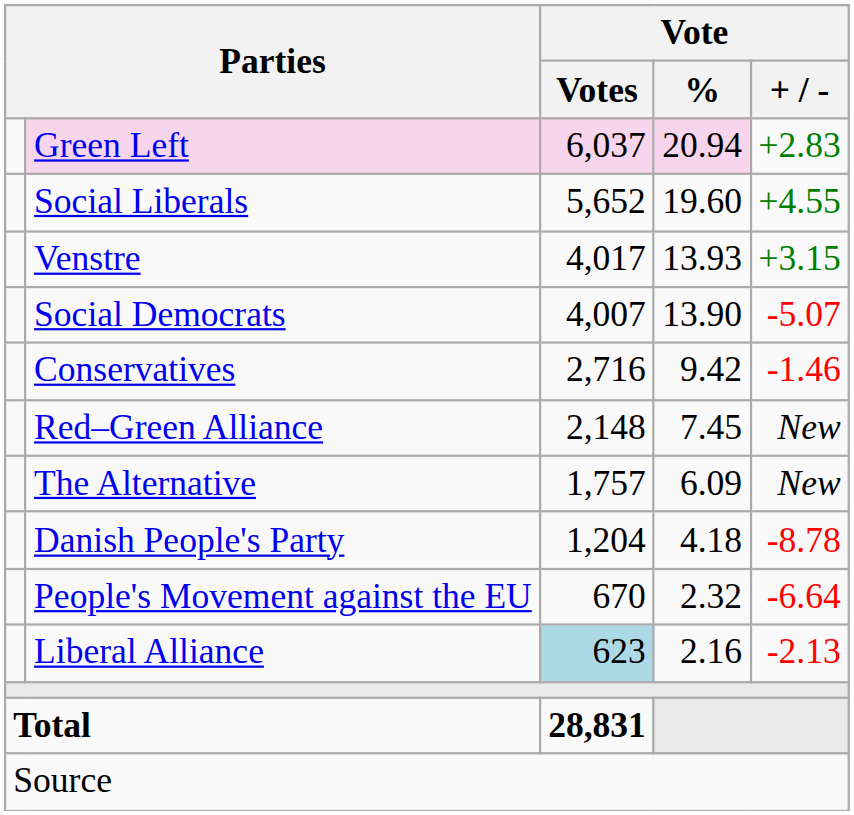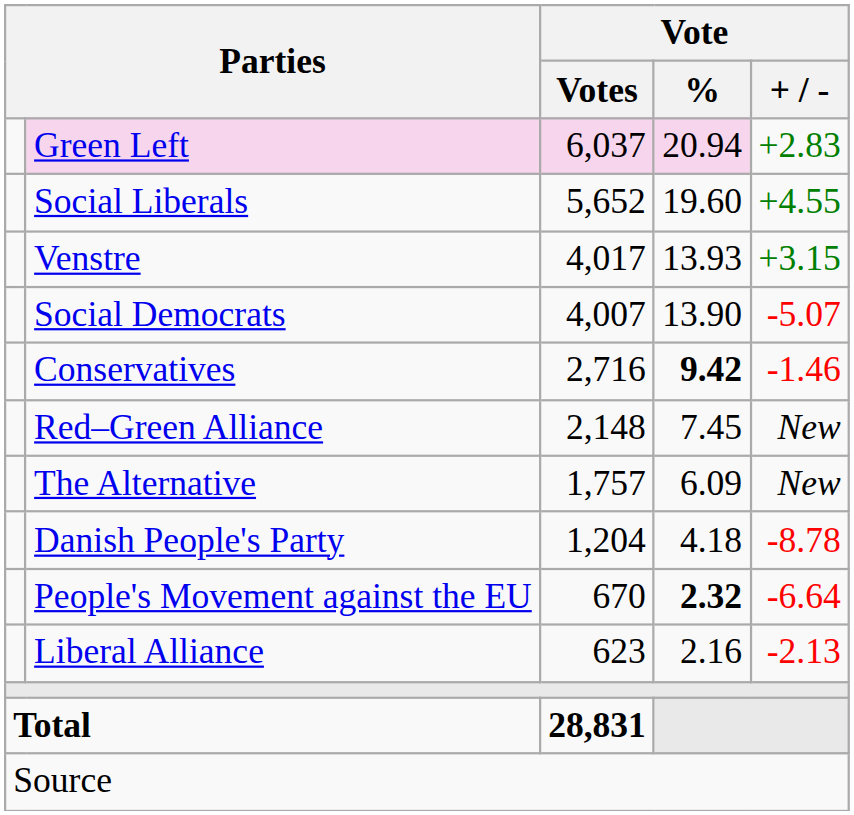 <table class="wikitable" style="text-align:right;">
 <tr>
 <th style="text-align:centre;" rowspan="2" colspan="2" width="225">Parties</th>
 <th colspan="3">Vote</th>
 </tr>
 <tr>
 <th width="15">Votes</th>
 <th width="15">%</th>
 <th width="15">+ / -</th>
 </tr>
 <tr>
 <td width="2" style="color:inherit;background:"></td>
 <td bgcolor=#f7d5ed   align="left"><a href='#'>Green Left</a></td>
 <td bgcolor=#f7d5ed>6,037</td>
 <td bgcolor=#f7d5ed>20.94</td>
 <td style=color:green;>+2.83</td>
 </tr>
 <tr>
 <td width="2" style="color:inherit;background:"></td>
 <td align="left"><a href='#'>Social Liberals</a></td>
 <td>5,652</td>
 <td>19.60</td>
 <td style=color:green;>+4.55</td>
 </tr>
 <tr>
 <td width="2" style="color:inherit;background:"></td>
 <td align="left"><a href='#'>Venstre</a></td>
 <td>4,017</td>
 <td>13.93</td>
 <td style=color:green;>+3.15</td>
 </tr>
 <tr>
 <td width="2" style="color:inherit;background:"></td>
 <td align="left"><a href='#'>Social Democrats</a></td>
 <td>4,007</td>
 <td>13.90</td>
 <td style=color:red;>-5.07</td>
 </tr>
 <tr>
 <td width="2" style="color:inherit;background:"></td>
 <td align="left"><a href='#'>Conservatives</a></td>
 <td>2,716</td>
-<td>9.42</td>
+<td><strong>9.42</strong></td>
 <td style=color:red;>-1.46</td>
 </tr>
 <tr>
 <td width="2" style="color:inherit;background:"></td>
 <td align="left"><a href='#'>Red–Green Alliance</a></td>
 <td>2,148</td>
 <td>7.45</td>
 <td><em>New</em></td>
 </tr>
 <tr>
 <td width="2" style="color:inherit;background:"></td>
 <td align="left"><a href='#'>The Alternative</a></td>
 <td>1,757</td>
 <td>6.09</td>
 <td><em>New</em></td>
 </tr>
 <tr>
 <td width="2" style="color:inherit;background:"></td>
 <td align="left"><a href='#'>Danish People's Party</a></td>
 <td>1,204</td>
 <td>4.18</td>
 <td style=color:red;>-8.78</td>
 </tr>
 <tr>
 <td width="2" style="color:inherit;background:"></td>
 <td align="left"><a href='#'>People's Movement against the EU</a></td>
 <td>670</td>
-<td>2.32</td>
+<td><strong>2.32</strong></td>
 <td style=color:red;>-6.64</td>
 </tr>
 <tr>
 <td width="2" style="color:inherit;background:"></td>
 <td align="left"><a href='#'>Liberal Alliance</a></td>
-<td style="background: lightblue;">623</td>
+<td>623</td>
 <td>2.16</td>
 <td style=color:red;>-2.13</td>
 </tr>
 <tr>
 <td colspan="7" bgcolor="#E9E9E9"></td>
 </tr>
 <tr>
 <td align="left" colspan="2"><strong>Total</strong></td>
 <td><strong>28,831</strong></td>
 <td bgcolor="#E9E9E9" colspan="2"></td>
 </tr>
 <tr>
 <td align="left" colspan="6">Source</td>
 </tr>
 </table>
